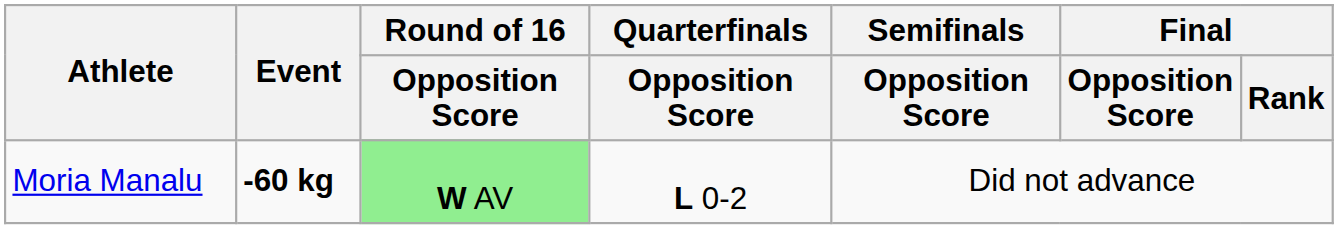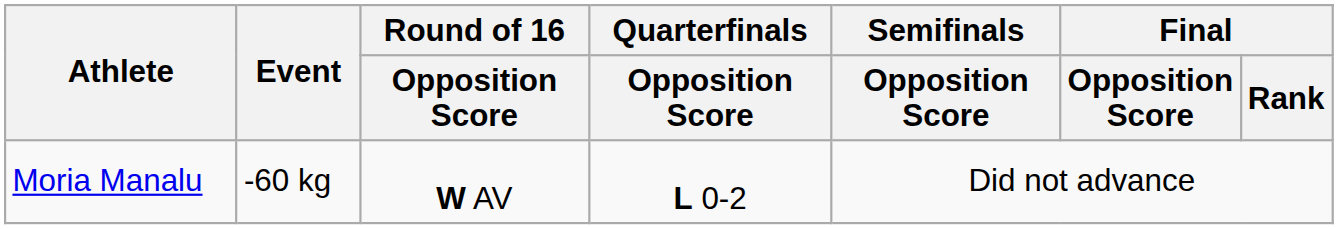 <table class=wikitable style="font-size:90%; text-align:center">
 <tr>
 <th width=150 rowspan="2">Athlete</th>
 <th width=60 rowspan="2">Event</th>
 <th width=120>Round of 16</th>
 <th width=120>Quarterfinals</th>
 <th width=120>Semifinals</th>
 <th width=120 colspan="2">Final</th>
 </tr>
 <tr>
 <th>Opposition<br>Score</th>
 <th>Opposition<br>Score</th>
 <th>Opposition<br>Score</th>
 <th>Opposition<br>Score</th>
 <th>Rank</th>
 </tr>
 <tr>
 <td align=left><a href='#'>Moria Manalu</a></td>
-<td align=left><strong>-60 kg</strong></td>
-<td style="background: lightgreen;"> <br><strong>W</strong> AV</td>
+<td align=left>-60 kg</td>
+<td> <br><strong>W</strong> AV</td>
 <td> <br><strong>L</strong> 0-2</td>
 <td colspan="3" align="center">Did not advance</td>
 </tr>
 </table>
